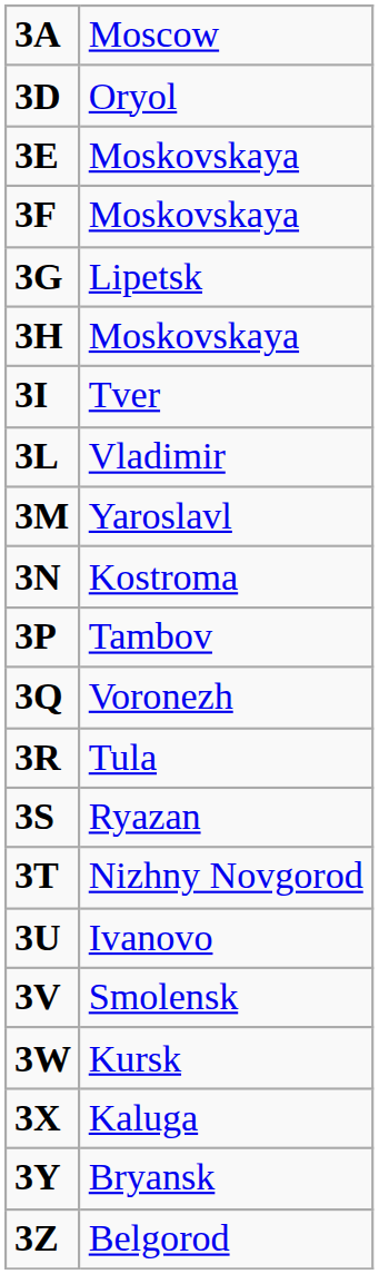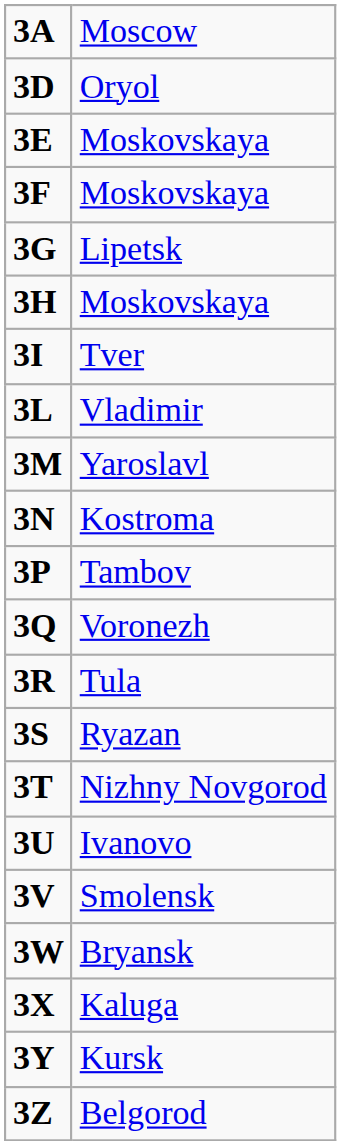 <table class=wikitable>
 <tr>
 <td><strong>3A</strong></td>
 <td><a href='#'>Moscow</a></td>
 </tr>
 <tr>
 <td><strong>3D</strong></td>
 <td><a href='#'>Oryol</a></td>
 </tr>
 <tr>
 <td><strong>3E</strong></td>
 <td><a href='#'>Moskovskaya</a></td>
 </tr>
 <tr>
 <td><strong>3F</strong></td>
 <td><a href='#'>Moskovskaya</a></td>
 </tr>
 <tr>
 <td><strong>3G</strong></td>
 <td><a href='#'>Lipetsk</a></td>
 </tr>
 <tr>
 <td><strong>3H</strong></td>
 <td><a href='#'>Moskovskaya</a></td>
 </tr>
 <tr>
 <td><strong>3I</strong></td>
 <td><a href='#'>Tver</a></td>
 </tr>
 <tr>
 <td><strong>3L</strong></td>
 <td><a href='#'>Vladimir</a></td>
 </tr>
 <tr>
 <td><strong>3M</strong></td>
 <td><a href='#'>Yaroslavl</a></td>
 </tr>
 <tr>
 <td><strong>3N</strong></td>
 <td><a href='#'>Kostroma</a></td>
 </tr>
 <tr>
 <td><strong>3P</strong></td>
 <td><a href='#'>Tambov</a></td>
 </tr>
 <tr>
 <td><strong>3Q</strong></td>
 <td><a href='#'>Voronezh</a></td>
 </tr>
 <tr>
 <td><strong>3R</strong></td>
 <td><a href='#'>Tula</a></td>
 </tr>
 <tr>
 <td><strong>3S</strong></td>
 <td><a href='#'>Ryazan</a></td>
 </tr>
 <tr>
 <td><strong>3T</strong></td>
 <td><a href='#'>Nizhny Novgorod</a></td>
 </tr>
 <tr>
 <td><strong>3U</strong></td>
 <td><a href='#'>Ivanovo</a></td>
 </tr>
 <tr>
 <td><strong>3V</strong></td>
 <td><a href='#'>Smolensk</a></td>
 </tr>
 <tr>
 <td><strong>3W</strong></td>
-<td><a href='#'>Kursk</a></td>
+<td><a href='#'>Bryansk</a></td>
 </tr>
 <tr>
 <td><strong>3X</strong></td>
 <td><a href='#'>Kaluga</a></td>
 </tr>
 <tr>
 <td><strong>3Y</strong></td>
-<td><a href='#'>Bryansk</a></td>
+<td><a href='#'>Kursk</a></td>
 </tr>
 <tr>
 <td><strong>3Z</strong></td>
 <td><a href='#'>Belgorod</a></td>
 </tr>
 </table>
